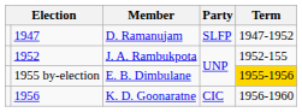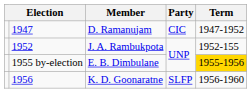 <table class="wikitable">
 <tr>
 <th colspan="2">Election</th>
 <th>Member</th>
 <th>Party</th>
 <th>Term</th>
 </tr>
 <tr>
 <td style="background-color: "></td>
 <td><a href='#'>1947</a></td>
 <td><a href='#'>D. Ramanujam</a></td>
-<td><a href='#'>SLFP</a></td>
+<td><a href='#'>CIC</a></td>
 <td>1947-1952</td>
 </tr>
 <tr>
 <td style="background-color: "></td>
 <td><a href='#'>1952</a></td>
 <td><a href='#'>J. A. Rambukpota</a></td>
 <td rowspan=2><a href='#'>UNP</a></td>
 <td>1952-155</td>
 </tr>
 <tr>
 <td style="background-color: "></td>
 <td>1955 by-election</td>
 <td><a href='#'>E. B. Dimbulane</a></td>
 <td style="background: gold;">1955-1956</td>
 </tr>
 <tr>
 <td style="background-color: "></td>
 <td><a href='#'>1956</a></td>
 <td><a href='#'>K. D. Goonaratne</a></td>
-<td><a href='#'>CIC</a></td>
+<td><a href='#'>SLFP</a></td>
 <td>1956-1960</td>
 </tr>
 </table>
